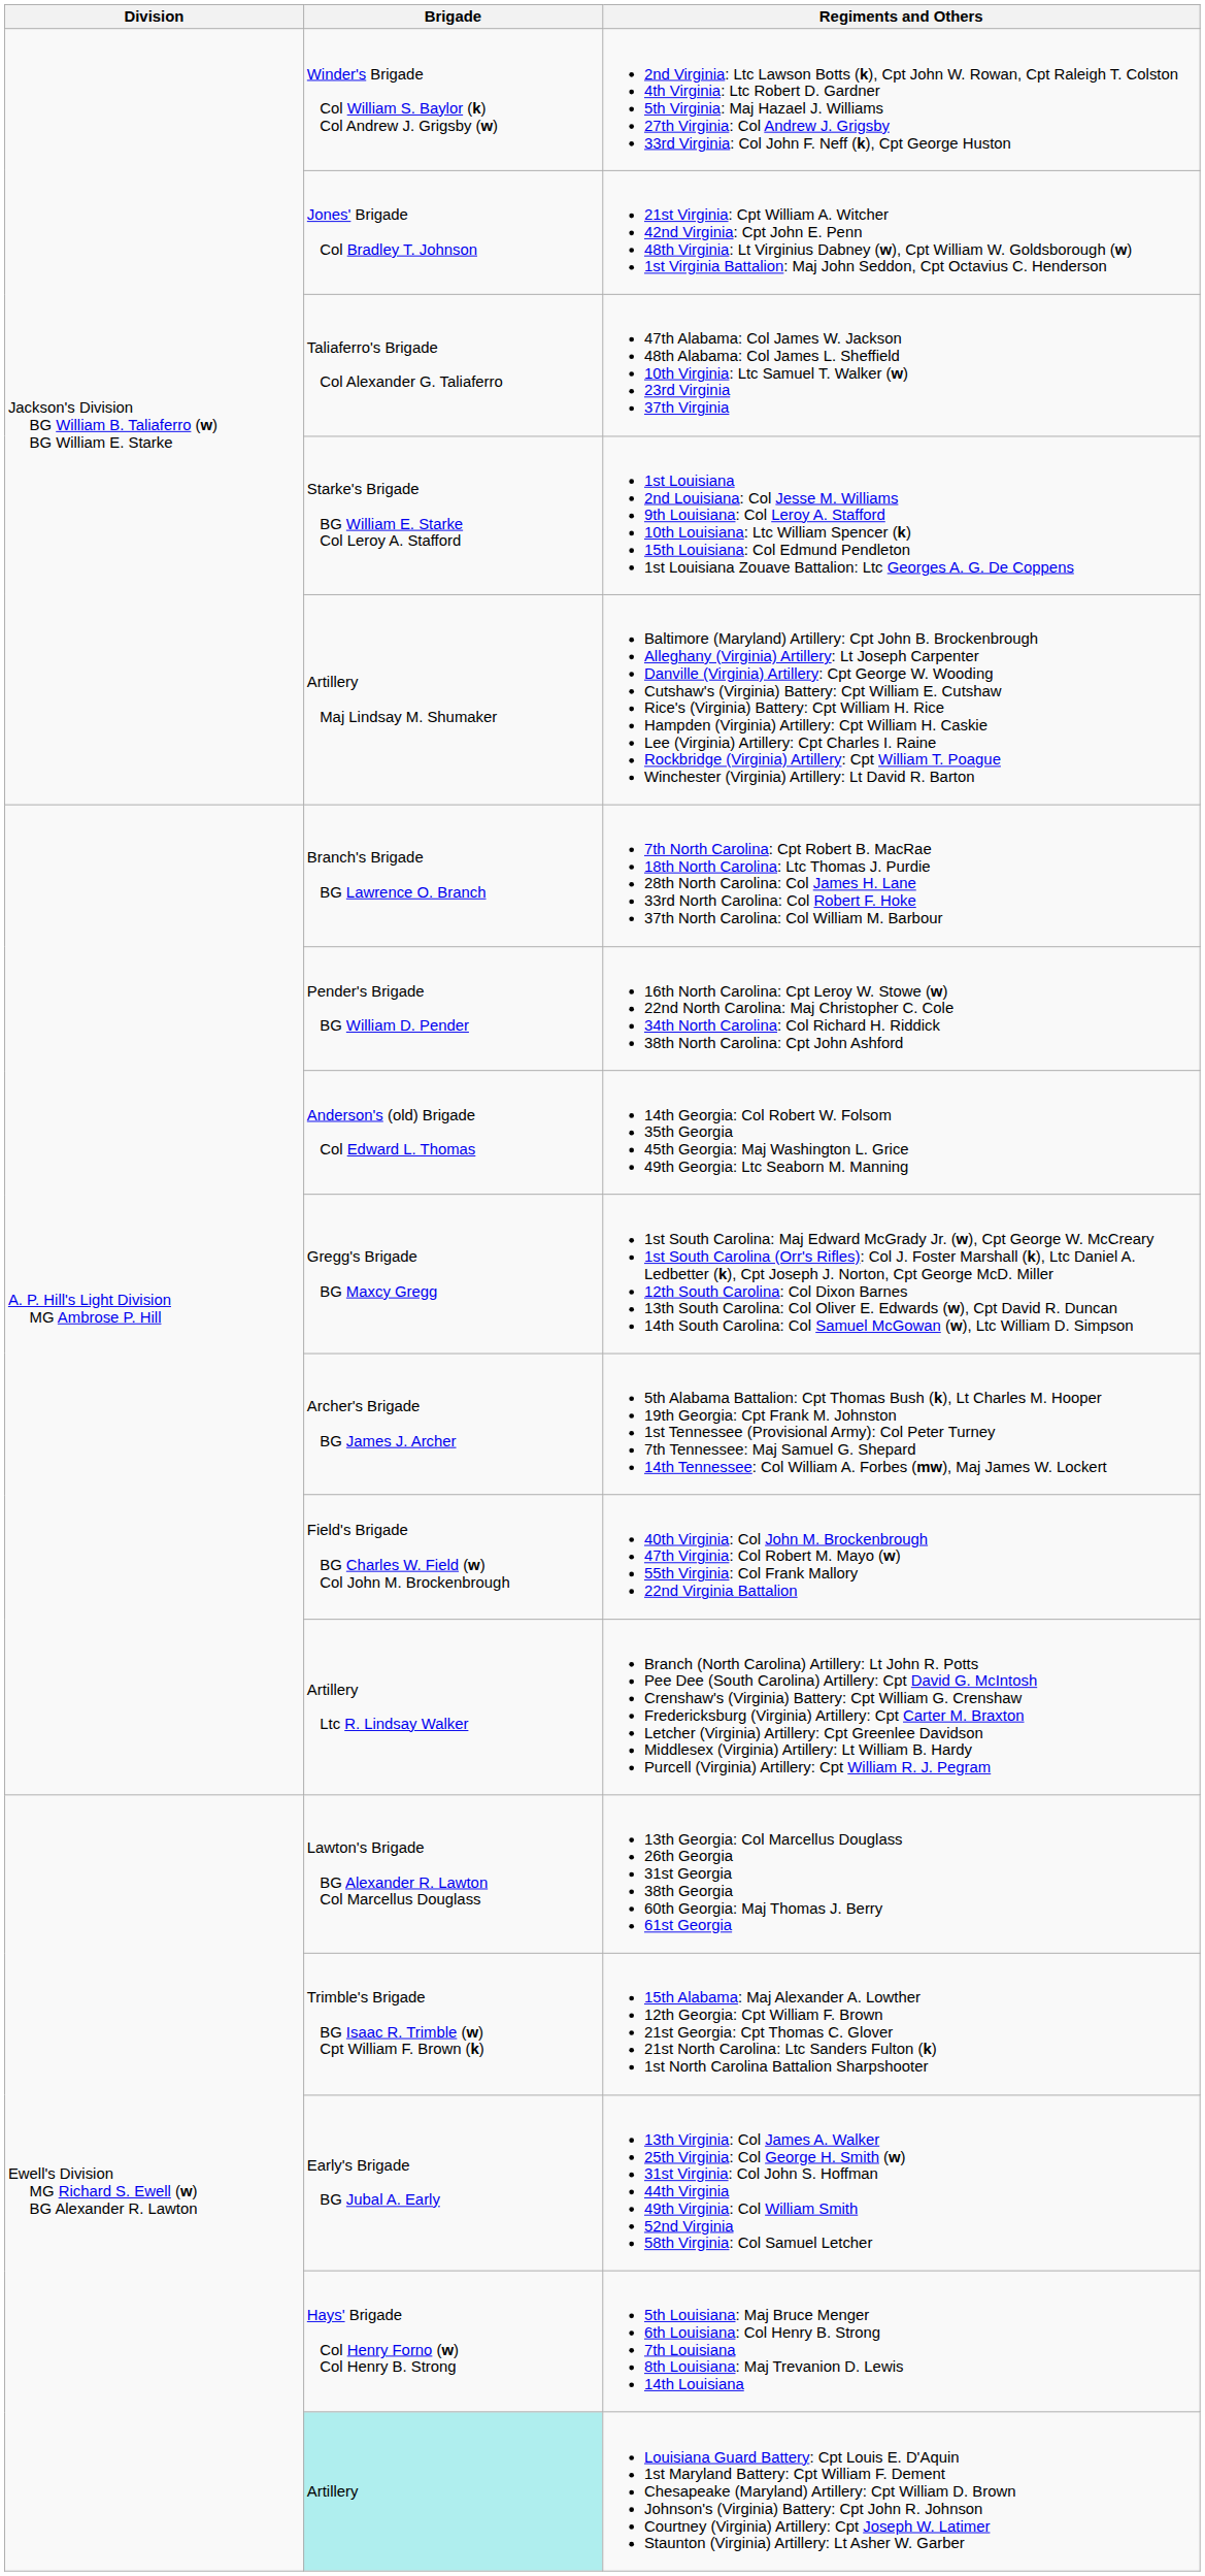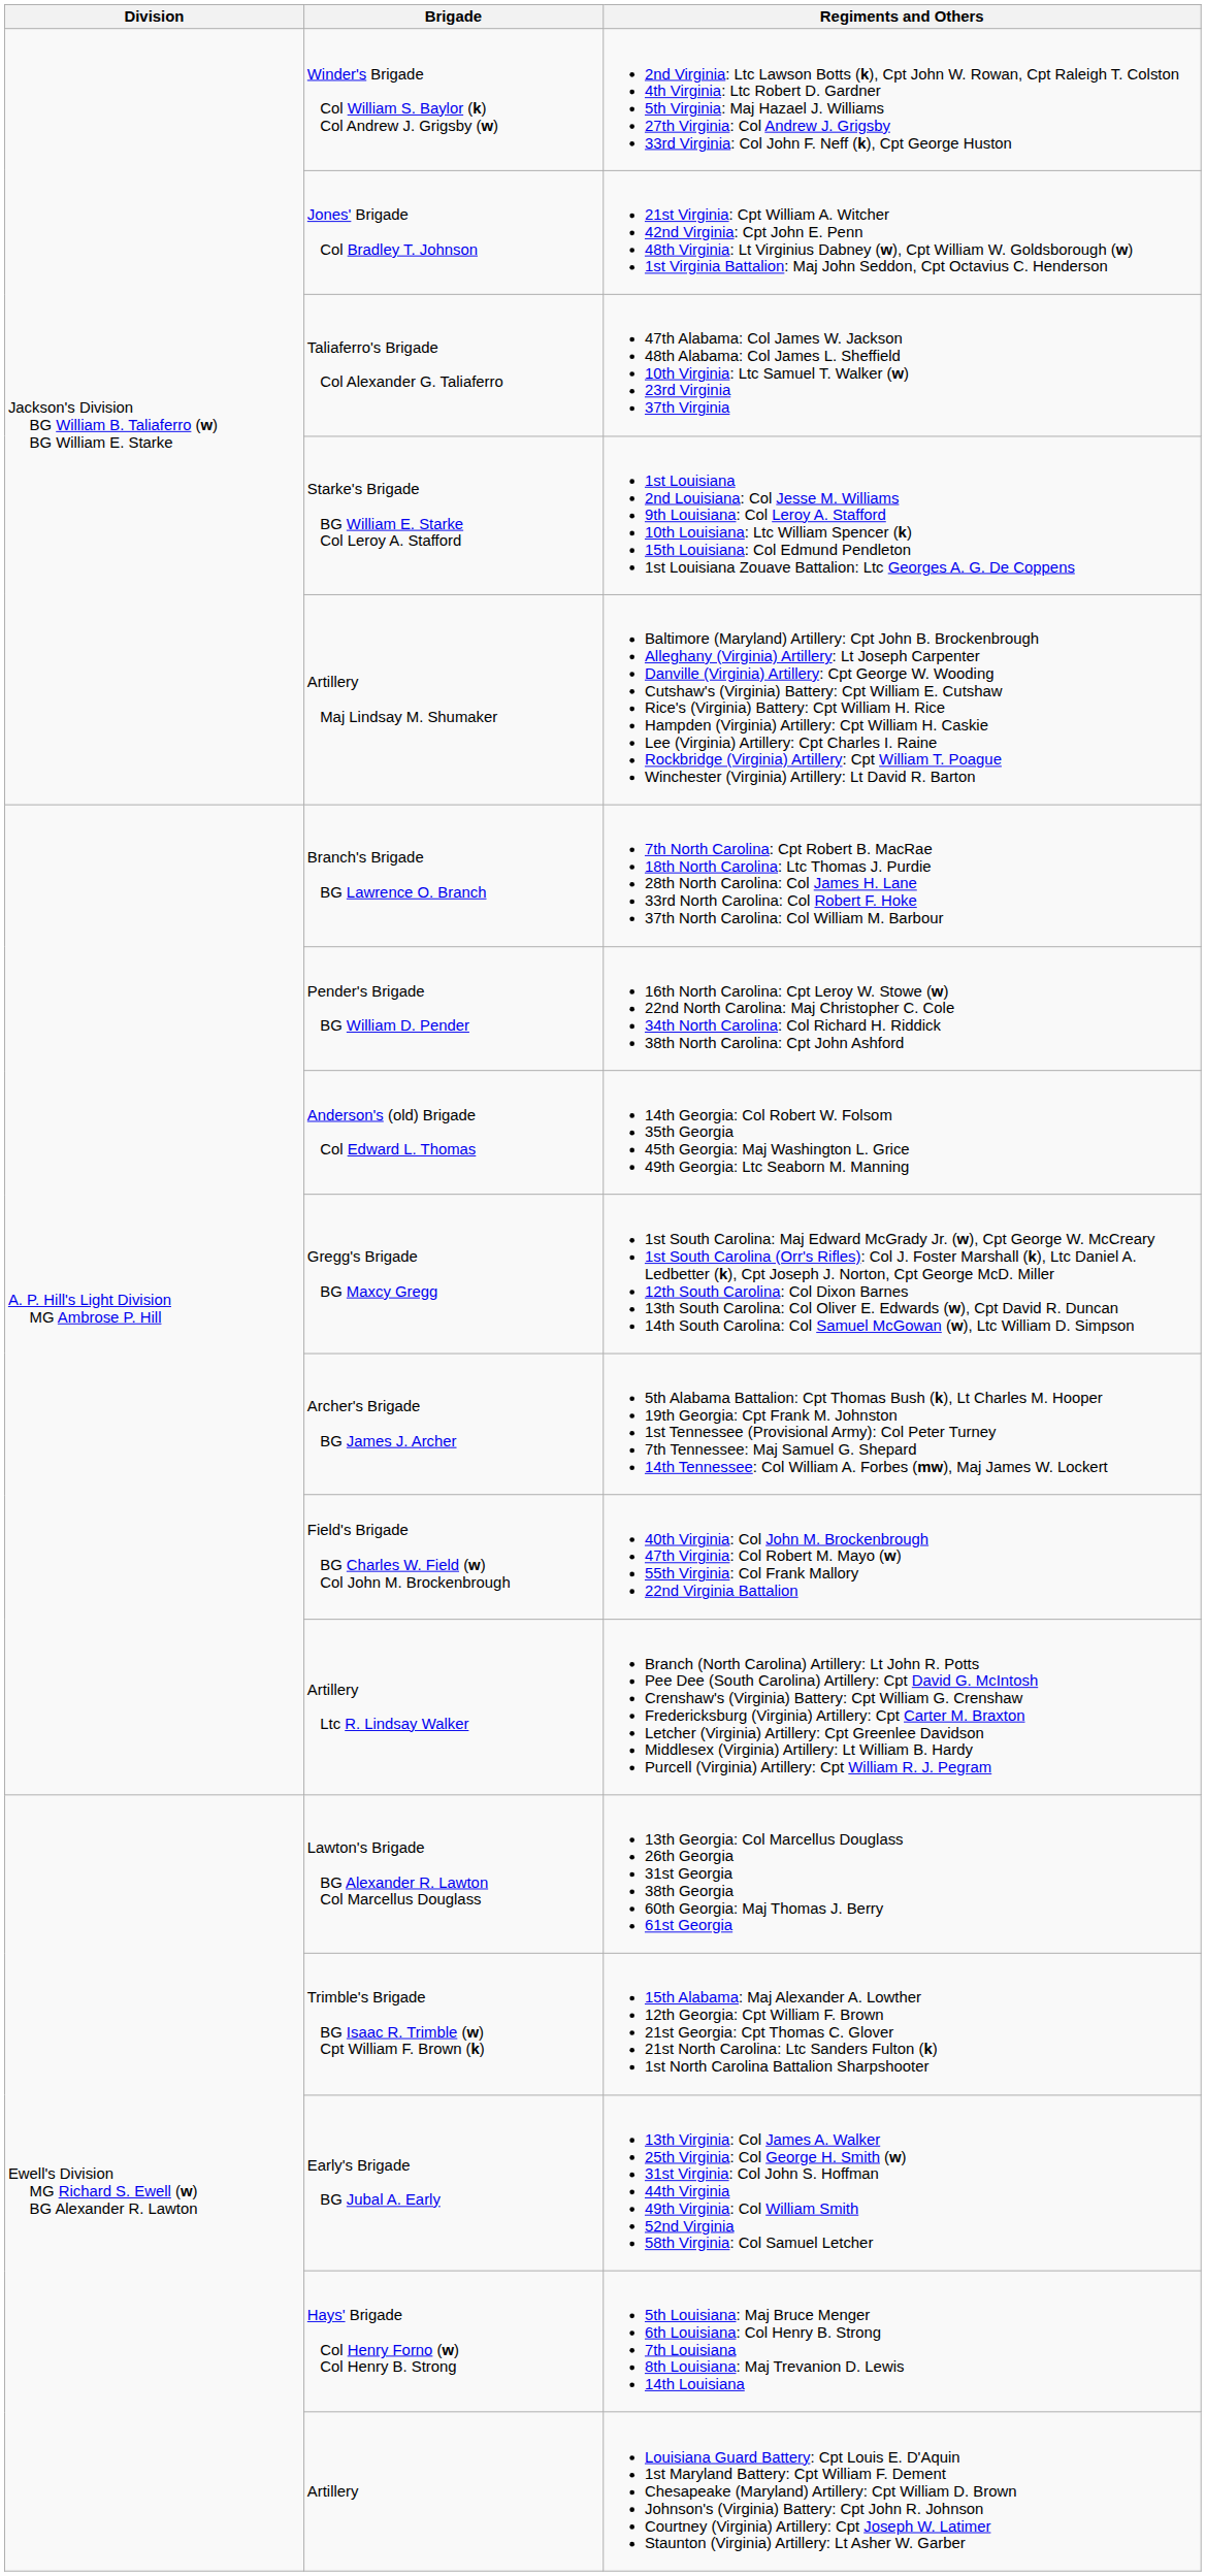 <table class="wikitable">
 <tr>
 <th width=25%>Division</th>
 <th width=25%>Brigade</th>
 <th>Regiments and Others</th>
 </tr>
 <tr>
 <td rowspan=5><br>Jackson's Division <br>     BG <a href='#'>William B. Taliaferro</a> (<strong>w</strong>) <br>     BG William E. Starke</td>
 <td><a href='#'>Winder's</a> Brigade<br><br>   Col <a href='#'>William S. Baylor</a> (<strong>k</strong>) <br>   Col Andrew J. Grigsby (<strong>w</strong>)</td>
 <td><br><ul><li><a href='#'>2nd Virginia</a>: Ltc Lawson Botts (<strong>k</strong>), Cpt John W. Rowan, Cpt Raleigh T. Colston</li><li><a href='#'>4th Virginia</a>: Ltc Robert D. Gardner</li><li><a href='#'>5th Virginia</a>: Maj Hazael J. Williams</li><li><a href='#'>27th Virginia</a>: Col <a href='#'>Andrew J. Grigsby</a></li><li><a href='#'>33rd Virginia</a>: Col John F. Neff (<strong>k</strong>), Cpt George Huston</li></ul></td>
 </tr>
 <tr>
 <td><a href='#'>Jones'</a> Brigade<br><br>   Col <a href='#'>Bradley T. Johnson</a></td>
 <td><br><ul><li><a href='#'>21st Virginia</a>: Cpt William A. Witcher</li><li><a href='#'>42nd Virginia</a>: Cpt John E. Penn</li><li><a href='#'>48th Virginia</a>: Lt Virginius Dabney (<strong>w</strong>), Cpt William W. Goldsborough (<strong>w</strong>)</li><li><a href='#'>1st Virginia Battalion</a>: Maj John Seddon, Cpt Octavius C. Henderson</li></ul></td>
 </tr>
 <tr>
 <td>Taliaferro's Brigade<br><br>   Col Alexander G. Taliaferro</td>
 <td><br><ul><li>47th Alabama: Col James W. Jackson</li><li>48th Alabama: Col James L. Sheffield</li><li><a href='#'>10th Virginia</a>: Ltc Samuel T. Walker (<strong>w</strong>)</li><li><a href='#'>23rd Virginia</a></li><li><a href='#'>37th Virginia</a></li></ul></td>
 </tr>
 <tr>
 <td>Starke's Brigade<br><br>   BG <a href='#'>William E. Starke</a> <br>   Col Leroy A. Stafford</td>
 <td><br><ul><li><a href='#'>1st Louisiana</a></li><li><a href='#'>2nd Louisiana</a>: Col <a href='#'>Jesse M. Williams</a></li><li><a href='#'>9th Louisiana</a>: Col <a href='#'>Leroy A. Stafford</a></li><li><a href='#'>10th Louisiana</a>: Ltc William Spencer (<strong>k</strong>)</li><li><a href='#'>15th Louisiana</a>: Col Edmund Pendleton</li><li>1st Louisiana Zouave Battalion: Ltc <a href='#'>Georges A. G. De Coppens</a></li></ul></td>
 </tr>
 <tr>
 <td>Artillery<br><br>   Maj Lindsay M. Shumaker</td>
 <td><br><ul><li>Baltimore (Maryland) Artillery: Cpt John B. Brockenbrough</li><li><a href='#'>Alleghany (Virginia) Artillery</a>: Lt Joseph Carpenter</li><li><a href='#'>Danville (Virginia) Artillery</a>: Cpt George W. Wooding</li><li>Cutshaw's (Virginia) Battery: Cpt William E. Cutshaw</li><li>Rice's (Virginia) Battery: Cpt William H. Rice</li><li>Hampden (Virginia) Artillery: Cpt William H. Caskie</li><li>Lee (Virginia) Artillery: Cpt Charles I. Raine</li><li><a href='#'>Rockbridge (Virginia) Artillery</a>: Cpt <a href='#'>William T. Poague</a></li><li>Winchester (Virginia) Artillery: Lt David R. Barton</li></ul></td>
 </tr>
 <tr>
 <td rowspan=7><br><a href='#'>A. P. Hill's Light Division</a> <br>     MG <a href='#'>Ambrose P. Hill</a></td>
 <td>Branch's Brigade<br><br>   BG <a href='#'>Lawrence O. Branch</a></td>
 <td><br><ul><li><a href='#'>7th North Carolina</a>: Cpt Robert B. MacRae</li><li><a href='#'>18th North Carolina</a>: Ltc Thomas J. Purdie</li><li>28th North Carolina: Col <a href='#'>James H. Lane</a></li><li>33rd North Carolina: Col <a href='#'>Robert F. Hoke</a></li><li>37th North Carolina: Col William M. Barbour</li></ul></td>
 </tr>
 <tr>
 <td>Pender's Brigade<br><br>   BG <a href='#'>William D. Pender</a></td>
 <td><br><ul><li>16th North Carolina: Cpt Leroy W. Stowe (<strong>w</strong>)</li><li>22nd North Carolina: Maj Christopher C. Cole</li><li><a href='#'>34th North Carolina</a>: Col Richard H. Riddick</li><li>38th North Carolina: Cpt John Ashford</li></ul></td>
 </tr>
 <tr>
 <td><a href='#'>Anderson's</a> (old) Brigade<br><br>   Col <a href='#'>Edward L. Thomas</a></td>
 <td><br><ul><li>14th Georgia: Col Robert W. Folsom</li><li>35th Georgia</li><li>45th Georgia: Maj Washington L. Grice</li><li>49th Georgia: Ltc Seaborn M. Manning</li></ul></td>
 </tr>
 <tr>
 <td>Gregg's Brigade<br><br>   BG <a href='#'>Maxcy Gregg</a></td>
 <td><br><ul><li>1st South Carolina: Maj Edward McGrady Jr. (<strong>w</strong>), Cpt George W. McCreary</li><li><a href='#'>1st South Carolina (Orr's Rifles)</a>: Col J. Foster Marshall (<strong>k</strong>), Ltc Daniel A. Ledbetter (<strong>k</strong>), Cpt Joseph J. Norton, Cpt George McD. Miller</li><li><a href='#'>12th South Carolina</a>: Col Dixon Barnes</li><li>13th South Carolina: Col Oliver E. Edwards (<strong>w</strong>), Cpt David R. Duncan</li><li>14th South Carolina: Col <a href='#'>Samuel McGowan</a> (<strong>w</strong>), Ltc William D. Simpson</li></ul></td>
 </tr>
 <tr>
 <td>Archer's Brigade<br><br>   BG <a href='#'>James J. Archer</a></td>
 <td><br><ul><li>5th Alabama Battalion: Cpt Thomas Bush (<strong>k</strong>), Lt Charles M. Hooper</li><li>19th Georgia: Cpt Frank M. Johnston</li><li>1st Tennessee (Provisional Army): Col Peter Turney</li><li>7th Tennessee: Maj Samuel G. Shepard</li><li><a href='#'>14th Tennessee</a>: Col William A. Forbes (<strong>mw</strong>), Maj James W. Lockert</li></ul></td>
 </tr>
 <tr>
 <td>Field's Brigade<br><br>   BG <a href='#'>Charles W. Field</a> (<strong>w</strong>) <br>   Col John M. Brockenbrough</td>
 <td><br><ul><li><a href='#'>40th Virginia</a>: Col <a href='#'>John M. Brockenbrough</a></li><li><a href='#'>47th Virginia</a>: Col Robert M. Mayo (<strong>w</strong>)</li><li><a href='#'>55th Virginia</a>: Col Frank Mallory</li><li><a href='#'>22nd Virginia Battalion</a></li></ul></td>
 </tr>
 <tr>
 <td>Artillery<br><br>   Ltc <a href='#'>R. Lindsay Walker</a></td>
 <td><br><ul><li>Branch (North Carolina) Artillery: Lt John R. Potts</li><li>Pee Dee (South Carolina) Artillery: Cpt <a href='#'>David G. McIntosh</a></li><li>Crenshaw's (Virginia) Battery: Cpt William G. Crenshaw</li><li>Fredericksburg (Virginia) Artillery: Cpt <a href='#'>Carter M. Braxton</a></li><li>Letcher (Virginia) Artillery: Cpt Greenlee Davidson</li><li>Middlesex (Virginia) Artillery: Lt William B. Hardy</li><li>Purcell (Virginia) Artillery: Cpt <a href='#'>William R. J. Pegram</a></li></ul></td>
 </tr>
 <tr>
 <td rowspan=5><br>Ewell's Division <br>     MG <a href='#'>Richard S. Ewell</a> (<strong>w</strong>) <br>     BG Alexander R. Lawton</td>
 <td>Lawton's Brigade<br><br>   BG <a href='#'>Alexander R. Lawton</a> <br>   Col Marcellus Douglass</td>
 <td><br><ul><li>13th Georgia: Col Marcellus Douglass</li><li>26th Georgia</li><li>31st Georgia</li><li>38th Georgia</li><li>60th Georgia: Maj Thomas J. Berry</li><li><a href='#'>61st Georgia</a></li></ul></td>
 </tr>
 <tr>
 <td>Trimble's Brigade<br><br>   BG <a href='#'>Isaac R. Trimble</a> (<strong>w</strong>) <br>   Cpt William F. Brown (<strong>k</strong>)</td>
 <td><br><ul><li><a href='#'>15th Alabama</a>: Maj Alexander A. Lowther</li><li>12th Georgia: Cpt William F. Brown</li><li>21st Georgia: Cpt Thomas C. Glover</li><li>21st North Carolina: Ltc Sanders Fulton (<strong>k</strong>)</li><li>1st North Carolina Battalion Sharpshooter</li></ul></td>
 </tr>
 <tr>
 <td>Early's Brigade<br><br>   BG <a href='#'>Jubal A. Early</a></td>
 <td><br><ul><li><a href='#'>13th Virginia</a>: Col <a href='#'>James A. Walker</a></li><li><a href='#'>25th Virginia</a>: Col <a href='#'>George H. Smith</a> (<strong>w</strong>)</li><li><a href='#'>31st Virginia</a>: Col John S. Hoffman</li><li><a href='#'>44th Virginia</a></li><li><a href='#'>49th Virginia</a>: Col <a href='#'>William Smith</a></li><li><a href='#'>52nd Virginia</a></li><li><a href='#'>58th Virginia</a>: Col Samuel Letcher</li></ul></td>
 </tr>
 <tr>
 <td><a href='#'>Hays'</a> Brigade<br><br>   Col <a href='#'>Henry Forno</a> (<strong>w</strong>) <br>   Col Henry B. Strong</td>
 <td><br><ul><li><a href='#'>5th Louisiana</a>: Maj Bruce Menger</li><li><a href='#'>6th Louisiana</a>: Col Henry B. Strong</li><li><a href='#'>7th Louisiana</a></li><li><a href='#'>8th Louisiana</a>: Maj Trevanion D. Lewis</li><li><a href='#'>14th Louisiana</a></li></ul></td>
 </tr>
 <tr>
-<td style="background: paleturquoise;">Artillery</td>
+<td>Artillery</td>
 <td><br><ul><li><a href='#'>Louisiana Guard Battery</a>: Cpt Louis E. D'Aquin</li><li>1st Maryland Battery: Cpt William F. Dement</li><li>Chesapeake (Maryland) Artillery: Cpt William D. Brown</li><li>Johnson's (Virginia) Battery: Cpt John R. Johnson</li><li>Courtney (Virginia) Artillery: Cpt <a href='#'>Joseph W. Latimer</a></li><li>Staunton (Virginia) Artillery: Lt Asher W. Garber</li></ul></td>
 </tr>
 </table>
